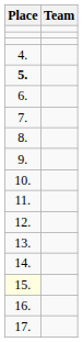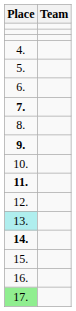 <table class="wikitable">
 <tr>
 <th>Place</th>
 <th>Team</th>
 </tr>
 <tr>
 <td align="center"></td>
 <td></td>
 </tr>
 <tr>
 <td align="center"></td>
 <td></td>
 </tr>
 <tr>
 <td align="center"></td>
 <td></td>
 </tr>
 <tr>
 <td align="center">4.</td>
 <td></td>
 </tr>
 <tr>
-<td align="center"><strong>5.</strong></td>
+<td align="center">5.</td>
 <td></td>
 </tr>
 <tr>
 <td align="center">6.</td>
 <td></td>
 </tr>
 <tr>
-<td align="center">7.</td>
+<td align="center"><strong>7.</strong></td>
 <td></td>
 </tr>
 <tr>
 <td align="center">8.</td>
 <td></td>
 </tr>
 <tr>
-<td align="center">9.</td>
+<td align="center"><strong>9.</strong></td>
 <td></td>
 </tr>
 <tr>
 <td align="center">10.</td>
 <td></td>
 </tr>
 <tr>
-<td align="center">11.</td>
+<td align="center"><strong>11.</strong></td>
 <td></td>
 </tr>
 <tr>
 <td align="center">12.</td>
 <td></td>
 </tr>
 <tr>
-<td align="center">13.</td>
+<td align="center" style="background: paleturquoise;">13.</td>
 <td></td>
 </tr>
 <tr>
-<td align="center">14.</td>
+<td align="center"><strong>14.</strong></td>
 <td></td>
 </tr>
 <tr>
-<td align="center" style="background: lightyellow;">15.</td>
+<td align="center">15.</td>
 <td></td>
 </tr>
 <tr>
 <td align="center">16.</td>
 <td></td>
 </tr>
 <tr>
-<td align="center">17.</td>
+<td align="center" style="background: lightgreen;">17.</td>
 <td></td>
 </tr>
 </table>
